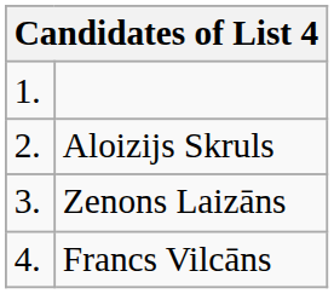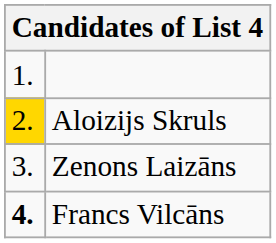 <table class=wikitable>
 <tr>
 <th colspan=3>Candidates of List 4</th>
 </tr>
 <tr>
 <td>1.</td>
 <td></td>
 </tr>
 <tr>
-<td>2.</td>
+<td style="background: gold;">2.</td>
 <td>Aloizijs Skruls</td>
 </tr>
 <tr>
 <td>3.</td>
 <td>Zenons Laizāns</td>
 </tr>
 <tr>
-<td>4.</td>
+<td><strong>4.</strong></td>
 <td>Francs Vilcāns</td>
 </tr>
 </table>
